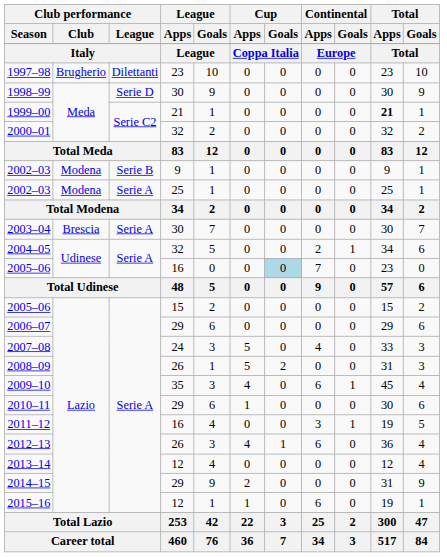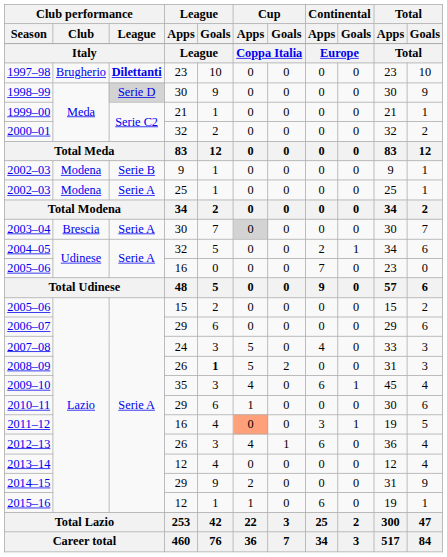 <table class="wikitable" style="text-align:center">
 <tr>
 <th colspan=3>Club performance</th>
 <th colspan=2>League</th>
 <th colspan=2>Cup</th>
 <th colspan=2>Continental</th>
 <th colspan=2>Total</th>
 </tr>
 <tr>
 <th>Season</th>
 <th>Club</th>
 <th>League</th>
 <th>Apps</th>
 <th>Goals</th>
 <th>Apps</th>
 <th>Goals</th>
 <th>Apps</th>
 <th>Goals</th>
 <th>Apps</th>
 <th>Goals</th>
 </tr>
 <tr>
 </tr>
 <tr>
 <th colspan=3>Italy</th>
 <th colspan=2>League</th>
 <th colspan=2><a href='#'>Coppa Italia</a></th>
 <th colspan=2><a href='#'>Europe</a></th>
 <th colspan=2>Total</th>
 </tr>
 <tr>
 <td><a href='#'>1997–98</a></td>
 <td><a href='#'>Brugherio</a></td>
-<td><a href='#'>Dilettanti</a></td>
+<td><strong><a href='#'>Dilettanti</a></strong></td>
 <td>23</td>
 <td>10</td>
 <td>0</td>
 <td>0</td>
 <td>0</td>
 <td>0</td>
 <td>23</td>
 <td>10</td>
 </tr>
 <tr>
 <td><a href='#'>1998–99</a></td>
 <td rowspan=3><a href='#'>Meda</a></td>
-<td><a href='#'>Serie D</a></td>
+<td style="background: lightgrey;"><a href='#'>Serie D</a></td>
 <td>30</td>
 <td>9</td>
 <td>0</td>
 <td>0</td>
 <td>0</td>
 <td>0</td>
 <td>30</td>
 <td>9</td>
 </tr>
 <tr>
 <td><a href='#'>1999–00</a></td>
 <td rowspan=2><a href='#'>Serie C2</a></td>
 <td>21</td>
 <td>1</td>
 <td>0</td>
 <td>0</td>
 <td>0</td>
 <td>0</td>
-<td><strong>21</strong></td>
+<td>21</td>
 <td>1</td>
 </tr>
 <tr>
 <td><a href='#'>2000–01</a></td>
 <td>32</td>
 <td>2</td>
 <td>0</td>
 <td>0</td>
 <td>0</td>
 <td>0</td>
 <td>32</td>
 <td>2</td>
 </tr>
 <tr>
 <th colspan="3">Total Meda</th>
 <th>83</th>
 <th>12</th>
 <th>0</th>
 <th>0</th>
 <th>0</th>
 <th>0</th>
 <th>83</th>
 <th>12</th>
 </tr>
 <tr>
 <td><a href='#'>2002–03</a></td>
 <td><a href='#'>Modena</a></td>
 <td><a href='#'>Serie B</a></td>
 <td>9</td>
 <td>1</td>
 <td>0</td>
 <td>0</td>
 <td>0</td>
 <td>0</td>
 <td>9</td>
 <td>1</td>
 </tr>
 <tr>
 <td><a href='#'>2002–03</a></td>
 <td><a href='#'>Modena</a></td>
 <td><a href='#'>Serie A</a></td>
 <td>25</td>
 <td>1</td>
 <td>0</td>
 <td>0</td>
 <td>0</td>
 <td>0</td>
 <td>25</td>
 <td>1</td>
 </tr>
 <tr>
 <th colspan="3">Total Modena</th>
 <th>34</th>
 <th>2</th>
 <th>0</th>
 <th>0</th>
 <th>0</th>
 <th>0</th>
 <th>34</th>
 <th>2</th>
 </tr>
 <tr>
 <td><a href='#'>2003–04</a></td>
 <td><a href='#'>Brescia</a></td>
 <td><a href='#'>Serie A</a></td>
 <td>30</td>
 <td>7</td>
-<td>0</td>
+<td style="background: lightgrey;">0</td>
 <td>0</td>
 <td>0</td>
 <td>0</td>
 <td>30</td>
 <td>7</td>
 </tr>
 <tr>
 <td><a href='#'>2004–05</a></td>
 <td rowspan=2><a href='#'>Udinese</a></td>
 <td rowspan=2><a href='#'>Serie A</a></td>
 <td>32</td>
 <td>5</td>
 <td>0</td>
 <td>0</td>
 <td>2</td>
 <td>1</td>
 <td>34</td>
 <td>6</td>
 </tr>
 <tr>
 <td><a href='#'>2005–06</a></td>
 <td>16</td>
 <td>0</td>
 <td>0</td>
-<td style="background: lightblue;">0</td>
+<td>0</td>
 <td>7</td>
 <td>0</td>
 <td>23</td>
 <td>0</td>
 </tr>
 <tr>
 <th colspan="3">Total Udinese</th>
 <th>48</th>
 <th>5</th>
 <th>0</th>
 <th>0</th>
 <th>9</th>
 <th>0</th>
 <th>57</th>
 <th>6</th>
 </tr>
 <tr>
 <td><a href='#'>2005–06</a></td>
 <td rowspan=11><a href='#'>Lazio</a></td>
 <td rowspan=11><a href='#'>Serie A</a></td>
 <td>15</td>
 <td>2</td>
 <td>0</td>
 <td>0</td>
 <td>0</td>
 <td>0</td>
 <td>15</td>
 <td>2</td>
 </tr>
 <tr>
 <td><a href='#'>2006–07</a></td>
 <td>29</td>
 <td>6</td>
 <td>0</td>
 <td>0</td>
 <td>0</td>
 <td>0</td>
 <td>29</td>
 <td>6</td>
 </tr>
 <tr>
 <td><a href='#'>2007–08</a></td>
 <td>24</td>
 <td>3</td>
 <td>5</td>
 <td>0</td>
 <td>4</td>
 <td>0</td>
 <td>33</td>
 <td>3</td>
 </tr>
 <tr>
 <td><a href='#'>2008–09</a></td>
 <td>26</td>
-<td>1</td>
+<td><strong>1</strong></td>
 <td>5</td>
 <td>2</td>
 <td>0</td>
 <td>0</td>
 <td>31</td>
 <td>3</td>
 </tr>
 <tr>
 <td><a href='#'>2009–10</a></td>
 <td>35</td>
 <td>3</td>
 <td>4</td>
 <td>0</td>
 <td>6</td>
 <td>1</td>
 <td>45</td>
 <td>4</td>
 </tr>
 <tr>
 <td><a href='#'>2010–11</a></td>
 <td>29</td>
 <td>6</td>
 <td>1</td>
 <td>0</td>
 <td>0</td>
 <td>0</td>
 <td>30</td>
 <td>6</td>
 </tr>
 <tr>
 <td><a href='#'>2011–12</a></td>
 <td>16</td>
 <td>4</td>
-<td>0</td>
+<td style="background: lightsalmon;">0</td>
 <td>0</td>
 <td>3</td>
 <td>1</td>
 <td>19</td>
 <td>5</td>
 </tr>
 <tr>
 <td><a href='#'>2012–13</a></td>
 <td>26</td>
 <td>3</td>
 <td>4</td>
 <td>1</td>
 <td>6</td>
 <td>0</td>
 <td>36</td>
 <td>4</td>
 </tr>
 <tr>
 <td><a href='#'>2013–14</a></td>
 <td>12</td>
 <td>4</td>
 <td>0</td>
 <td>0</td>
 <td>0</td>
 <td>0</td>
 <td>12</td>
 <td>4</td>
 </tr>
 <tr>
 <td><a href='#'>2014–15</a></td>
 <td>29</td>
 <td>9</td>
 <td>2</td>
 <td>0</td>
 <td>0</td>
 <td>0</td>
 <td>31</td>
 <td>9</td>
 </tr>
 <tr>
 <td><a href='#'>2015–16</a></td>
 <td>12</td>
 <td>1</td>
 <td>1</td>
 <td>0</td>
 <td>6</td>
 <td>0</td>
 <td>19</td>
 <td>1</td>
 </tr>
 <tr>
 <th colspan="3">Total Lazio</th>
 <th>253</th>
 <th>42</th>
 <th>22</th>
 <th>3</th>
 <th>25</th>
 <th>2</th>
 <th>300</th>
 <th>47</th>
 </tr>
 <tr>
 <th colspan=3>Career total</th>
 <th>460</th>
 <th>76</th>
 <th>36</th>
 <th>7</th>
 <th>34</th>
 <th>3</th>
 <th>517</th>
 <th>84</th>
 </tr>
 </table>
